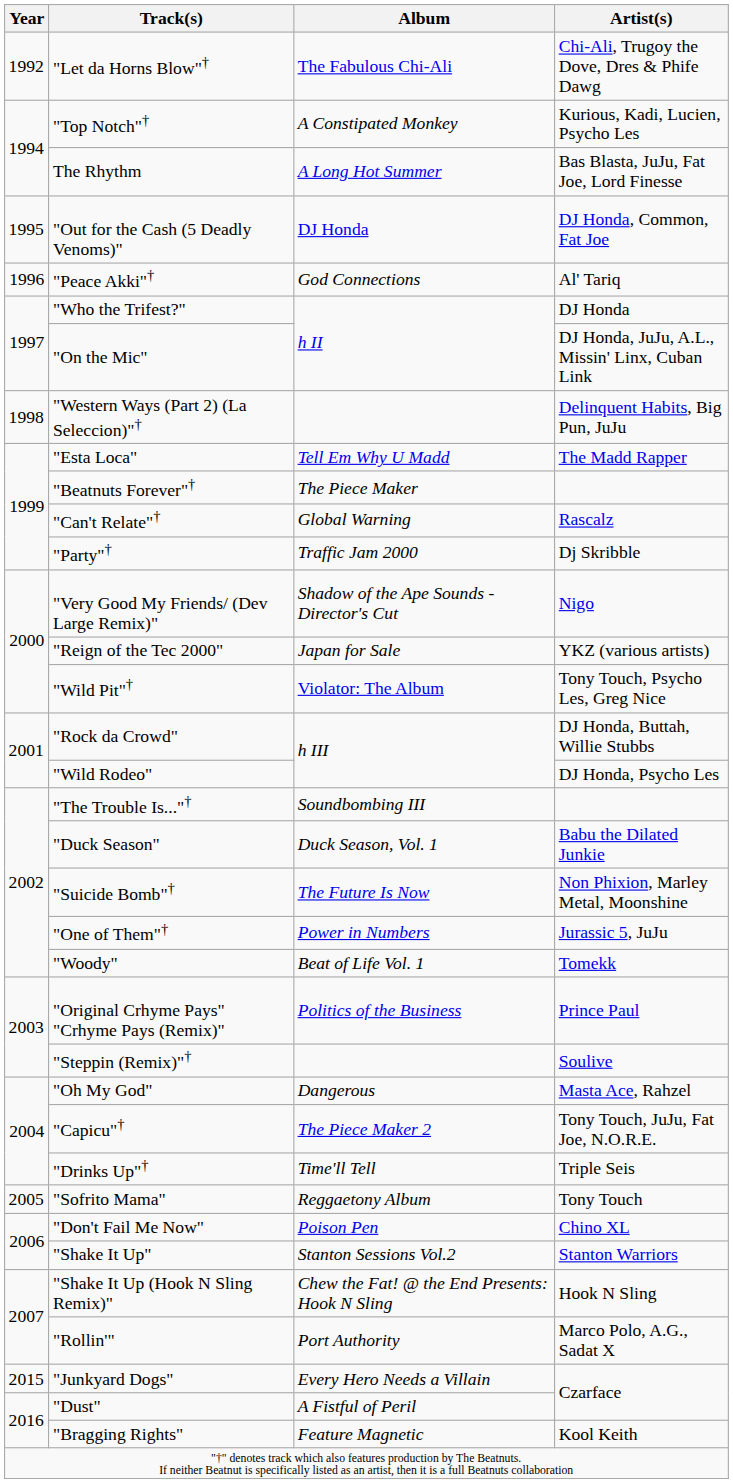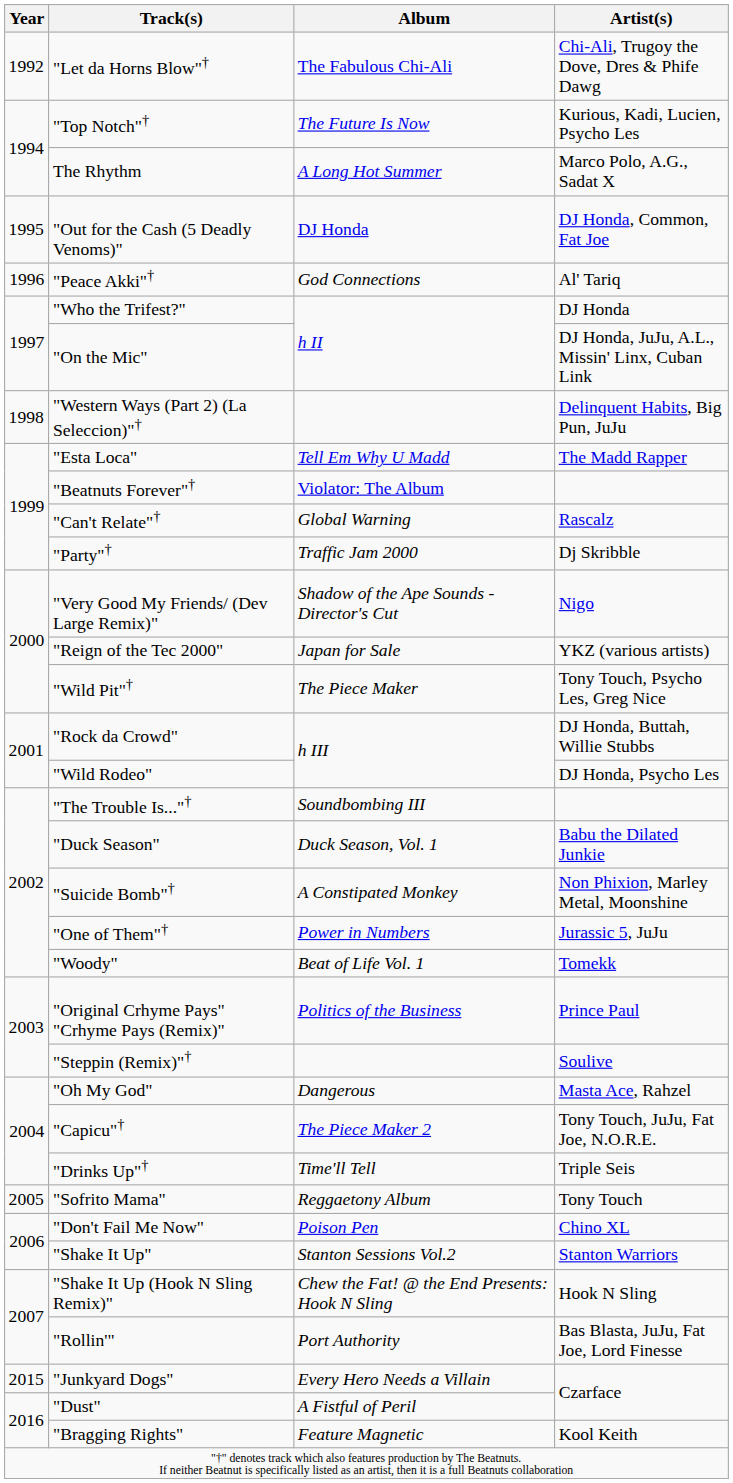 <table class="wikitable">
 <tr>
 <th width="33">Year</th>
 <th width="215">Track(s)</th>
 <th width="230">Album</th>
 <th width="150">Artist(s)</th>
 </tr>
 <tr>
 <td>1992</td>
 <td>"Let da Horns Blow"<sup>†</sup></td>
 <td><a href='#'>The Fabulous Chi-Ali</a></td>
 <td><a href='#'>Chi-Ali</a>, Trugoy the Dove, Dres & Phife Dawg</td>
 </tr>
 <tr>
 <td rowspan="2">1994</td>
 <td>"Top Notch"<sup>†</sup></td>
-<td><em>A Constipated Monkey</em></td>
+<td><em><a href='#'>The Future Is Now</a></em></td>
 <td>Kurious, Kadi, Lucien, Psycho Les</td>
 </tr>
 <tr>
 <td>The Rhythm</td>
 <td><em><a href='#'>A Long Hot Summer</a></em></td>
-<td>Bas Blasta, JuJu, Fat Joe, Lord Finesse</td>
+<td>Marco Polo, A.G., Sadat X</td>
 </tr>
 <tr>
 <td>1995</td>
 <td><br>"Out for the Cash (5 Deadly Venoms)"</td>
 <td><a href='#'>DJ Honda</a></td>
 <td><a href='#'>DJ Honda</a>, Common, <a href='#'>Fat Joe</a></td>
 </tr>
 <tr>
 <td align="center">1996</td>
 <td>"Peace Akki"<sup>†</sup></td>
 <td><em>God Connections</em></td>
 <td>Al' Tariq</td>
 </tr>
 <tr>
 <td rowspan="2" align="center">1997</td>
 <td>"Who the Trifest?"</td>
 <td rowspan="2"><em><a href='#'>h II</a></em></td>
 <td>DJ Honda</td>
 </tr>
 <tr>
 <td>"On the Mic"</td>
 <td>DJ Honda, JuJu, A.L., Missin' Linx, Cuban Link</td>
 </tr>
 <tr>
 <td>1998</td>
 <td>"Western Ways (Part 2) (La Seleccion)"<sup>†</sup></td>
 <td></td>
 <td><a href='#'>Delinquent Habits</a>, Big Pun, JuJu</td>
 </tr>
 <tr>
 <td rowspan="4" align="center">1999</td>
 <td>"Esta Loca"</td>
 <td><em><a href='#'>Tell Em Why U Madd</a></em></td>
 <td><a href='#'>The Madd Rapper</a></td>
 </tr>
 <tr>
 <td>"Beatnuts Forever"<sup>†</sup></td>
-<td><em>The Piece Maker</em></td>
+<td><a href='#'>Violator: The Album</a></td>
 <td></td>
 </tr>
 <tr>
 <td>"Can't Relate"<sup>†</sup></td>
 <td><em>Global Warning</em></td>
 <td><a href='#'>Rascalz</a></td>
 </tr>
 <tr>
 <td>"Party"<sup>†</sup></td>
 <td><em>Traffic Jam 2000</em></td>
 <td>Dj Skribble</td>
 </tr>
 <tr>
 <td rowspan="3" align="center">2000</td>
 <td><br>"Very Good My Friends/ (Dev Large Remix)"</td>
 <td><em>Shadow of the Ape Sounds - Director's Cut</em></td>
 <td><a href='#'>Nigo</a></td>
 </tr>
 <tr>
 <td>"Reign of the Tec 2000"</td>
 <td><em>Japan for Sale</em></td>
 <td>YKZ (various artists)</td>
 </tr>
 <tr>
 <td>"Wild Pit"<sup>†</sup></td>
-<td><a href='#'>Violator: The Album</a></td>
+<td><em>The Piece Maker</em></td>
 <td>Tony Touch, Psycho Les, Greg Nice</td>
 </tr>
 <tr>
 <td rowspan="2">2001</td>
 <td>"Rock da Crowd"</td>
 <td rowspan="2"><em>h III</em></td>
 <td>DJ Honda, Buttah, Willie Stubbs</td>
 </tr>
 <tr>
 <td>"Wild Rodeo"</td>
 <td>DJ Honda, Psycho Les</td>
 </tr>
 <tr>
 <td rowspan="5">2002</td>
 <td>"The Trouble Is..."<sup>†</sup></td>
 <td><em>Soundbombing III</em></td>
 <td></td>
 </tr>
 <tr>
 <td>"Duck Season"</td>
 <td><em>Duck Season, Vol. 1</em></td>
 <td><a href='#'>Babu the Dilated Junkie</a></td>
 </tr>
 <tr>
 <td>"Suicide Bomb"<sup>†</sup></td>
-<td><em><a href='#'>The Future Is Now</a></em></td>
+<td><em>A Constipated Monkey</em></td>
 <td><a href='#'>Non Phixion</a>, Marley Metal, Moonshine</td>
 </tr>
 <tr>
 <td>"One of Them"<sup>†</sup></td>
 <td><a href='#'><em>Power in Numbers</em></a></td>
 <td><a href='#'>Jurassic 5</a>, JuJu</td>
 </tr>
 <tr>
 <td>"Woody"</td>
 <td><em>Beat of Life Vol. 1</em></td>
 <td><a href='#'>Tomekk</a></td>
 </tr>
 <tr>
 <td rowspan="2">2003</td>
 <td><br>"Original Crhyme Pays"<br> "Crhyme Pays (Remix)"</td>
 <td><em><a href='#'>Politics of the Business</a></em></td>
 <td><a href='#'>Prince Paul</a></td>
 </tr>
 <tr>
 <td>"Steppin (Remix)"<sup>†</sup></td>
 <td></td>
 <td><a href='#'>Soulive</a></td>
 </tr>
 <tr>
 <td rowspan="3" align="center">2004</td>
 <td>"Oh My God"</td>
 <td><em>Dangerous</em></td>
 <td><a href='#'>Masta Ace</a>, Rahzel</td>
 </tr>
 <tr>
 <td>"Capicu"<sup>†</sup></td>
 <td><a href='#'><em>The Piece Maker 2</em></a></td>
 <td>Tony Touch, JuJu, Fat Joe, N.O.R.E.</td>
 </tr>
 <tr>
 <td>"Drinks Up"<sup>†</sup></td>
 <td><em>Time'll Tell</em></td>
 <td>Triple Seis</td>
 </tr>
 <tr>
 <td>2005</td>
 <td>"Sofrito Mama"</td>
 <td><em>Reggaetony Album</em></td>
 <td>Tony Touch</td>
 </tr>
 <tr>
 <td align="center" rowspan="2">2006</td>
 <td>"Don't Fail Me Now"</td>
 <td><em><a href='#'>Poison Pen</a></em></td>
 <td><a href='#'>Chino XL</a></td>
 </tr>
 <tr>
 <td>"Shake It Up"</td>
 <td><em>Stanton Sessions Vol.2</em></td>
 <td><a href='#'>Stanton Warriors</a></td>
 </tr>
 <tr>
 <td rowspan="2">2007</td>
 <td>"Shake It Up (Hook N Sling Remix)"</td>
 <td><em>Chew the Fat! @ the End Presents: Hook N Sling</em></td>
 <td>Hook N Sling</td>
 </tr>
 <tr>
 <td>"Rollin'"</td>
 <td><em>Port Authority</em></td>
-<td>Marco Polo, A.G., Sadat X</td>
+<td>Bas Blasta, JuJu, Fat Joe, Lord Finesse</td>
 </tr>
 <tr>
 <td>2015</td>
 <td>"Junkyard Dogs"</td>
 <td><em>Every Hero Needs a Villain</em></td>
 <td rowspan="2">Czarface</td>
 </tr>
 <tr>
 <td rowspan="2">2016</td>
 <td>"Dust"</td>
 <td><em>A Fistful of Peril</em></td>
 </tr>
 <tr>
 <td>"Bragging Rights"</td>
 <td><em>Feature Magnetic</em></td>
 <td>Kool Keith</td>
 </tr>
 <tr>
 <td colspan="4" align="center" style="font-size: 8pt">"†" denotes track which also features production by The Beatnuts.<br>If neither Beatnut is specifically listed as an artist, then it is a full Beatnuts collaboration</td>
 </tr>
 </table>
